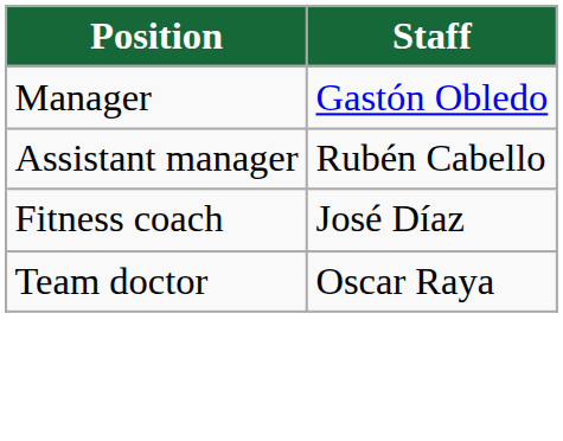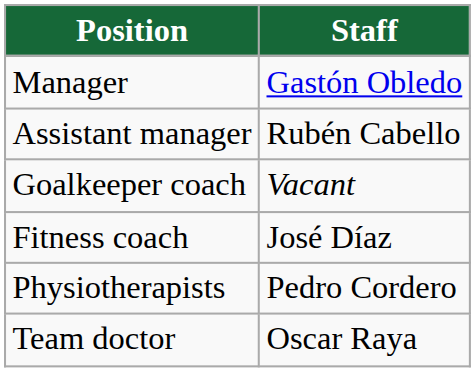 <table class="wikitable">
 <tr>
 <th style=background-color:#166838;color:#ffffff>Position</th>
 <th style=background-color:#166838;color:#ffffff>Staff</th>
 </tr>
 <tr>
 </tr>
 <tr>
 <td>Manager</td>
 <td> <a href='#'>Gastón Obledo</a></td>
 </tr>
 <tr>
 <td>Assistant manager</td>
 <td> Rubén Cabello</td>
 </tr>
 <tr>
+<td>Goalkeeper coach</td>
+<td><em>Vacant</em></td>
+</tr>
+<tr>
 <td>Fitness coach</td>
 <td> José Díaz</td>
+</tr>
+<tr>
+<td>Physiotherapists</td>
+<td> Pedro Cordero</td>
 </tr>
 <tr>
 <td>Team doctor</td>
 <td> Oscar Raya</td>
 </tr>
 </table>
